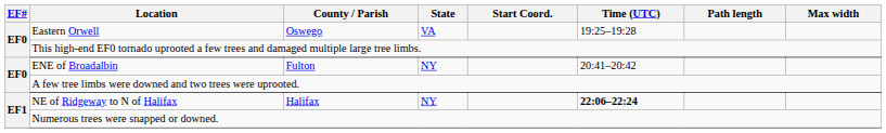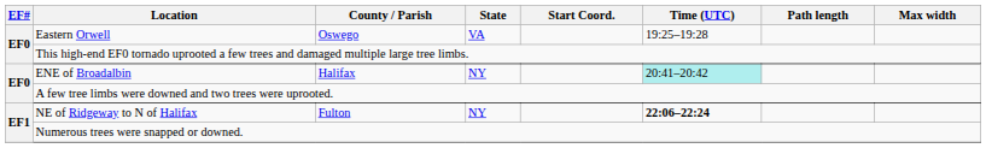 <table class="wikitable sortable" style="width:100%;">
 <tr>
 <th scope="col" width="2%" align="center"><a href='#'>EF#</a></th>
 <th scope="col" align="center" class="unsortable">Location</th>
 <th scope="col" align="center" class="unsortable">County / Parish</th>
 <th scope="col" align="center">State</th>
 <th scope="col" align="center">Start Coord.</th>
 <th scope="col" align="center">Time (<a href='#'>UTC</a>)</th>
 <th scope="col" align="center">Path length</th>
 <th scope="col" align="center">Max width</th>
 </tr>
 <tr>
 <th scope="row" rowspan="2" style="background-color:#">EF0</th>
 <td>Eastern <a href='#'>Orwell</a></td>
 <td><a href='#'>Oswego</a></td>
 <td><a href='#'>VA</a></td>
 <td></td>
 <td>19:25–19:28</td>
 <td></td>
 <td></td>
 </tr>
 <tr class="expand-child">
 <td colspan="8" style=" border-bottom: 1px solid black;">This high-end EF0 tornado uprooted a few trees and damaged multiple large tree limbs.</td>
 </tr>
 <tr>
 <th scope="row" rowspan="2" style="background-color:#">EF0</th>
 <td>ENE of <a href='#'>Broadalbin</a></td>
-<td><a href='#'>Fulton</a></td>
+<td><a href='#'>Halifax</a></td>
 <td><a href='#'>NY</a></td>
 <td></td>
-<td>20:41–20:42</td>
+<td style="background: paleturquoise;">20:41–20:42</td>
 <td></td>
 <td></td>
 </tr>
 <tr class="expand-child">
 <td colspan="8" style=" border-bottom: 1px solid black;">A few tree limbs were downed and two trees were uprooted.</td>
 </tr>
 <tr>
 <th scope="row" rowspan="2" style="background-color:#">EF1</th>
 <td>NE of <a href='#'>Ridgeway</a> to N of <a href='#'>Halifax</a></td>
-<td><a href='#'>Halifax</a></td>
+<td><a href='#'>Fulton</a></td>
 <td><a href='#'>NY</a></td>
 <td></td>
 <td><strong>22:06–22:24</strong></td>
 <td></td>
 <td></td>
 </tr>
 <tr class="expand-child">
 <td colspan="8" style=" border-bottom: 1px solid black;">Numerous trees were snapped or downed.</td>
 </tr>
 <tr>
 </tr>
 </table>
